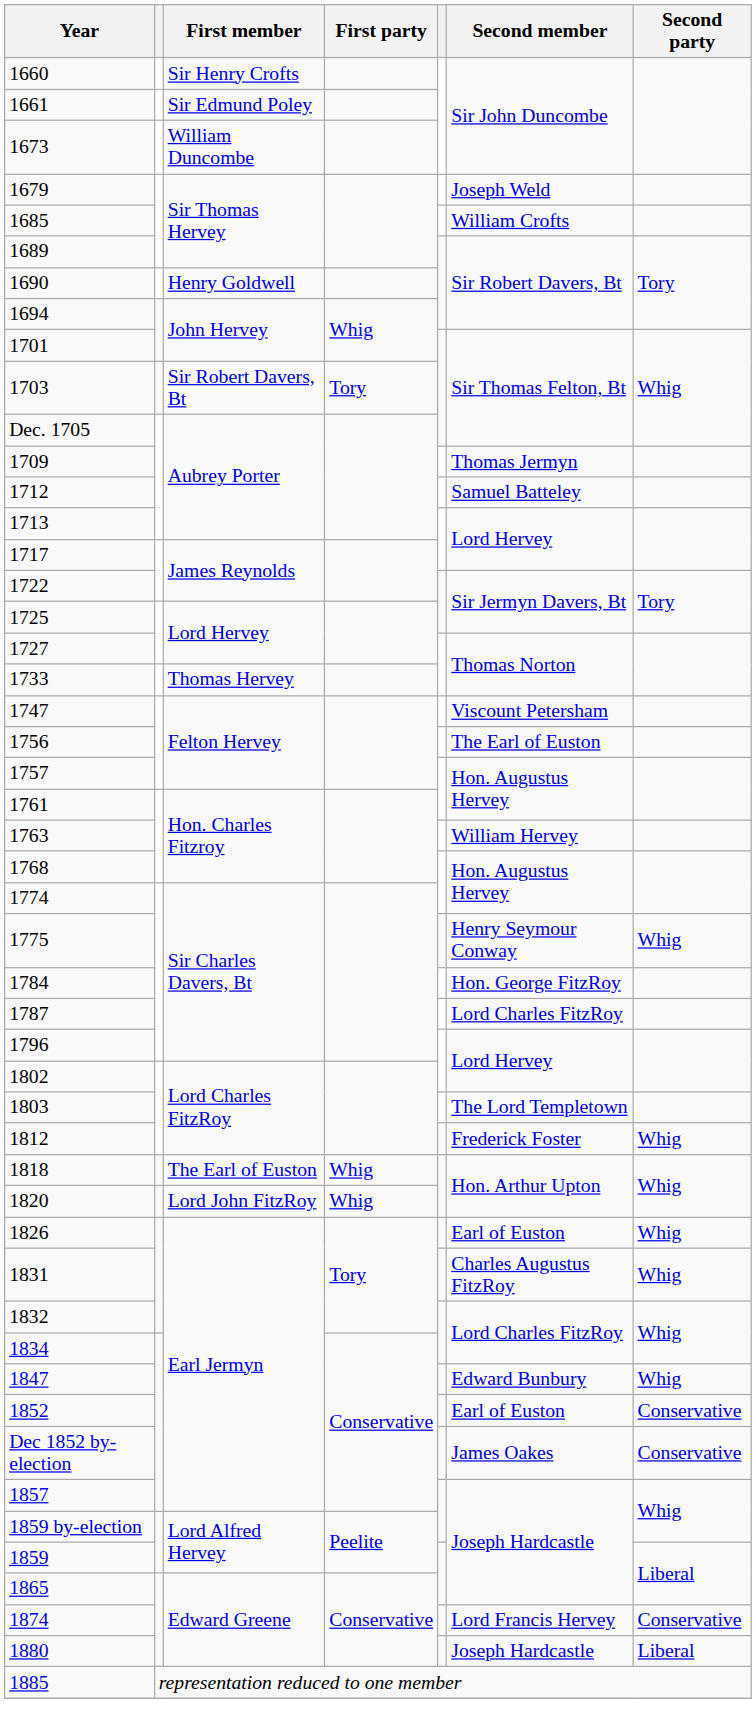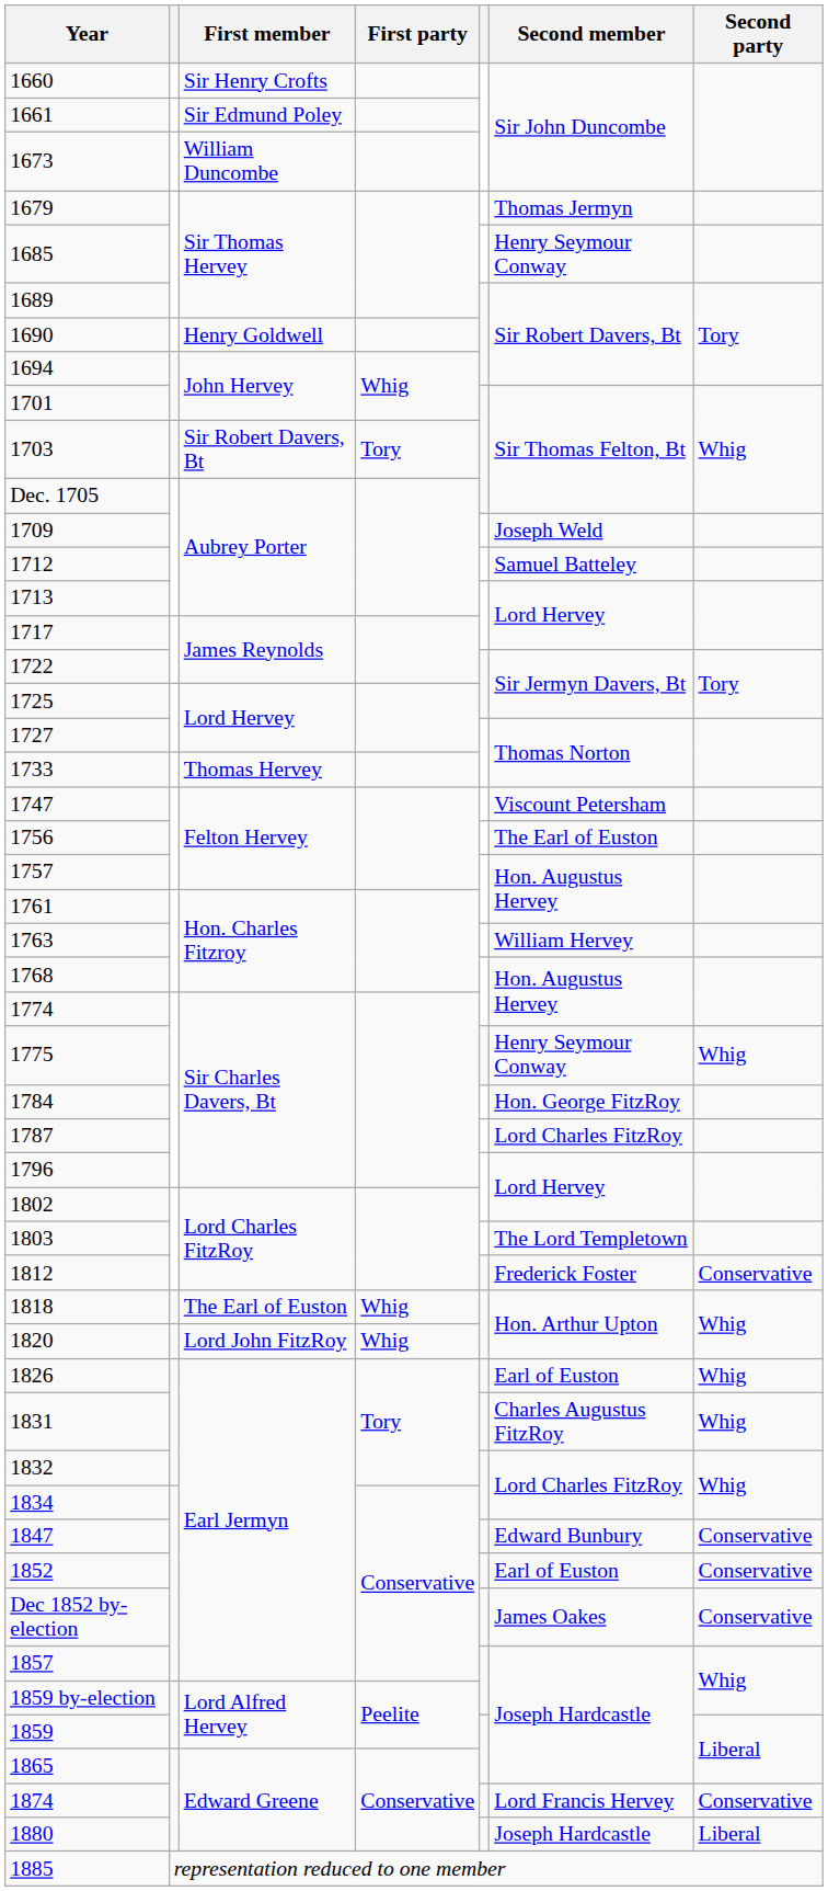 <table class="wikitable">
 <tr>
 <th>Year</th>
 <th></th>
 <th>First member</th>
 <th>First party</th>
 <th></th>
 <th>Second member</th>
 <th>Second party</th>
 </tr>
 <tr>
 <td>1660</td>
 <td style="color:inherit;background-color: white"></td>
 <td><a href='#'>Sir Henry Crofts</a></td>
 <td></td>
 <td rowspan="3" style="color:inherit;background-color: white"></td>
 <td rowspan="3"><a href='#'>Sir John Duncombe</a></td>
 <td rowspan="3"></td>
 </tr>
 <tr>
 <td>1661</td>
 <td style="color:inherit;background-color: white"></td>
 <td><a href='#'>Sir Edmund Poley</a></td>
 <td> </td>
 </tr>
 <tr>
 <td>1673</td>
 <td style="color:inherit;background-color: white"></td>
 <td><a href='#'>William Duncombe</a></td>
 <td> </td>
 </tr>
 <tr>
 <td>1679</td>
 <td rowspan="3" style="color:inherit;background-color: white"></td>
 <td rowspan="3"><a href='#'>Sir Thomas Hervey</a></td>
 <td rowspan="3"> </td>
 <td style="color:inherit;background-color: white"></td>
-<td><a href='#'>Joseph Weld</a></td>
+<td><a href='#'>Thomas Jermyn</a></td>
 <td></td>
 </tr>
 <tr>
 <td>1685</td>
 <td style="color:inherit;background-color: white"></td>
-<td><a href='#'>William Crofts</a></td>
+<td><a href='#'>Henry Seymour Conway</a></td>
 <td> </td>
 </tr>
 <tr>
 <td>1689</td>
 <td rowspan="3" style="color:inherit;background-color: "></td>
 <td rowspan="3"><a href='#'>Sir Robert Davers, Bt</a></td>
 <td rowspan="3"><a href='#'>Tory</a></td>
 </tr>
 <tr>
 <td>1690</td>
 <td style="color:inherit;background-color: white"></td>
 <td><a href='#'>Henry Goldwell</a></td>
 <td> </td>
 </tr>
 <tr>
 <td>1694</td>
 <td rowspan="2" style="color:inherit;background-color: "></td>
 <td rowspan="2"><a href='#'>John Hervey</a></td>
 <td rowspan="2"><a href='#'>Whig</a></td>
 </tr>
 <tr>
 <td>1701</td>
 <td rowspan="3" style="color:inherit;background-color: "></td>
 <td rowspan="3"><a href='#'>Sir Thomas Felton, Bt</a></td>
 <td rowspan="3"><a href='#'>Whig</a></td>
 </tr>
 <tr>
 <td>1703</td>
 <td style="color:inherit;background-color: "></td>
 <td><a href='#'>Sir Robert Davers, Bt</a></td>
 <td><a href='#'>Tory</a></td>
 </tr>
 <tr>
 <td>Dec. 1705</td>
 <td rowspan="4" style="color:inherit;background-color: white"></td>
 <td rowspan="4"><a href='#'>Aubrey Porter</a></td>
 <td rowspan="4"> </td>
 </tr>
 <tr>
 <td>1709</td>
 <td style="color:inherit;background-color: white"></td>
-<td><a href='#'>Thomas Jermyn</a></td>
+<td><a href='#'>Joseph Weld</a></td>
 <td> </td>
 </tr>
 <tr>
 <td>1712</td>
 <td style="color:inherit;background-color: white"></td>
 <td><a href='#'>Samuel Batteley</a></td>
 <td> </td>
 </tr>
 <tr>
 <td>1713</td>
 <td rowspan="2" style="color:inherit;background-color: white"></td>
 <td rowspan="2"><a href='#'>Lord Hervey</a></td>
 <td rowspan="2"> </td>
 </tr>
 <tr>
 <td>1717</td>
 <td rowspan="2" style="color:inherit;background-color: white"></td>
 <td rowspan="2"><a href='#'>James Reynolds</a></td>
 <td rowspan="2"> </td>
 </tr>
 <tr>
 <td>1722</td>
 <td rowspan="2" style="color:inherit;background-color: "></td>
 <td rowspan="2"><a href='#'>Sir Jermyn Davers, Bt</a></td>
 <td rowspan="2"><a href='#'>Tory</a></td>
 </tr>
 <tr>
 <td>1725</td>
 <td rowspan="2" style="color:inherit;background-color: white"></td>
 <td rowspan="2"><a href='#'>Lord Hervey</a></td>
 <td rowspan="2"> </td>
 </tr>
 <tr>
 <td>1727</td>
 <td rowspan="2" style="color:inherit;background-color: white"></td>
 <td rowspan="2"><a href='#'>Thomas Norton</a></td>
 <td rowspan="2"> </td>
 </tr>
 <tr>
 <td>1733</td>
 <td style="color:inherit;background-color: white"></td>
 <td><a href='#'>Thomas Hervey</a></td>
 <td> </td>
 </tr>
 <tr>
 <td>1747</td>
 <td rowspan="3" style="color:inherit;background-color: white"></td>
 <td rowspan="3"><a href='#'>Felton Hervey</a></td>
 <td rowspan="3"> </td>
 <td style="color:inherit;background-color: white"></td>
 <td><a href='#'>Viscount Petersham</a></td>
 <td></td>
 </tr>
 <tr>
 <td>1756</td>
 <td style="color:inherit;background-color: white"></td>
 <td><a href='#'>The Earl of Euston</a></td>
 <td></td>
 </tr>
 <tr>
 <td>1757</td>
 <td rowspan="2" style="color:inherit;background-color: white"></td>
 <td rowspan="2"><a href='#'>Hon. Augustus Hervey</a></td>
 <td rowspan="2"> </td>
 </tr>
 <tr>
 <td>1761</td>
 <td rowspan="3" style="color:inherit;background-color: white"></td>
 <td rowspan="3"><a href='#'>Hon. Charles Fitzroy</a></td>
 <td rowspan="3"> </td>
 </tr>
 <tr>
 <td>1763</td>
 <td style="color:inherit;background-color: white"></td>
 <td><a href='#'>William Hervey</a></td>
 <td> </td>
 </tr>
 <tr>
 <td>1768</td>
 <td rowspan="2" style="color:inherit;background-color: white"></td>
 <td rowspan="2"><a href='#'>Hon. Augustus Hervey</a></td>
 <td rowspan="2"></td>
 </tr>
 <tr>
 <td>1774</td>
 <td rowspan="5" style="color:inherit;background-color: white"></td>
 <td rowspan="5"><a href='#'>Sir Charles Davers, Bt</a></td>
 <td rowspan="5"> </td>
 </tr>
 <tr>
 <td>1775</td>
 <td style="color:inherit;background-color: "></td>
 <td><a href='#'>Henry Seymour Conway</a></td>
 <td><a href='#'>Whig</a> </td>
 </tr>
 <tr>
 <td>1784</td>
 <td style="color:inherit;background-color: white"></td>
 <td><a href='#'>Hon. George FitzRoy</a></td>
 <td> </td>
 </tr>
 <tr>
 <td>1787</td>
 <td style="color:inherit;background-color: white"></td>
 <td><a href='#'>Lord Charles FitzRoy</a></td>
 <td> </td>
 </tr>
 <tr>
 <td>1796</td>
 <td rowspan="2" style="color:inherit;background-color: white"></td>
 <td rowspan="2"><a href='#'>Lord Hervey</a></td>
 <td rowspan="2"></td>
 </tr>
 <tr>
 <td>1802</td>
 <td rowspan="3" style="color:inherit;background-color: white"></td>
 <td rowspan="3"><a href='#'>Lord Charles FitzRoy</a> </td>
 <td rowspan="3"></td>
 </tr>
 <tr>
 <td>1803</td>
 <td style="color:inherit;background-color: white"></td>
 <td><a href='#'>The Lord Templetown</a>  </td>
 <td></td>
 </tr>
 <tr>
 <td>1812</td>
 <td style="color:inherit;background-color: "></td>
 <td><a href='#'>Frederick Foster</a></td>
-<td><a href='#'>Whig</a>  </td>
+<td><a href='#'>Conservative</a></td>
 </tr>
 <tr>
 <td>1818</td>
 <td style="color:inherit;background-color: "></td>
 <td><a href='#'>The Earl of Euston</a></td>
 <td><a href='#'>Whig</a></td>
 <td rowspan="2" style="color:inherit;background-color: "></td>
 <td rowspan="2"><a href='#'>Hon. Arthur Upton</a></td>
 <td rowspan="2"><a href='#'>Whig</a></td>
 </tr>
 <tr>
 <td>1820</td>
 <td style="color:inherit;background-color: "></td>
 <td><a href='#'>Lord John FitzRoy</a></td>
 <td><a href='#'>Whig</a></td>
 </tr>
 <tr>
 <td>1826</td>
 <td rowspan="3" style="color:inherit;background-color: "></td>
 <td rowspan="8"><a href='#'>Earl Jermyn</a></td>
 <td rowspan="3"><a href='#'>Tory</a></td>
 <td style="color:inherit;background-color: "></td>
 <td><a href='#'>Earl of Euston</a> </td>
 <td><a href='#'>Whig</a></td>
 </tr>
 <tr>
 <td>1831</td>
 <td style="color:inherit;background-color: "></td>
 <td><a href='#'>Charles Augustus FitzRoy</a></td>
 <td><a href='#'>Whig</a></td>
 </tr>
 <tr>
 <td>1832</td>
 <td rowspan="2" style="color:inherit;background-color: "></td>
 <td rowspan="2"><a href='#'>Lord Charles FitzRoy</a></td>
 <td rowspan="2"><a href='#'>Whig</a></td>
 </tr>
 <tr>
 <td><a href='#'>1834</a></td>
 <td rowspan="5" style="color:inherit;background-color: "></td>
 <td rowspan="5"><a href='#'>Conservative</a></td>
 </tr>
 <tr>
 <td><a href='#'>1847</a></td>
 <td style="color:inherit;background-color: "></td>
 <td><a href='#'>Edward Bunbury</a>  </td>
-<td><a href='#'>Whig</a></td>
+<td><a href='#'>Conservative</a></td>
 </tr>
 <tr>
 <td><a href='#'>1852</a></td>
 <td style="color:inherit;background-color: "></td>
 <td><a href='#'>Earl of Euston</a> </td>
 <td><a href='#'>Conservative</a></td>
 </tr>
 <tr>
 <td><a href='#'>Dec 1852 by-election</a></td>
 <td style="color:inherit;background-color: "></td>
 <td><a href='#'>James Oakes</a></td>
 <td><a href='#'>Conservative</a></td>
 </tr>
 <tr>
 <td><a href='#'>1857</a></td>
 <td rowspan="2" style="color:inherit;background-color: "></td>
 <td rowspan="4"><a href='#'>Joseph Hardcastle</a> </td>
 <td rowspan="2"><a href='#'>Whig</a></td>
 </tr>
 <tr>
 <td><a href='#'>1859 by-election</a></td>
 <td rowspan="2" style="color:inherit;background-color: "></td>
 <td rowspan="2"><a href='#'>Lord Alfred Hervey</a> </td>
 <td rowspan="2"><a href='#'>Peelite</a></td>
 </tr>
 <tr>
 <td><a href='#'>1859</a></td>
 <td rowspan="2" style="color:inherit;background-color: "></td>
 <td rowspan="2"><a href='#'>Liberal</a></td>
 </tr>
 <tr>
 <td><a href='#'>1865</a></td>
 <td rowspan="3" style="color:inherit;background-color: "></td>
 <td rowspan="3"><a href='#'>Edward Greene</a>   </td>
 <td rowspan="3"><a href='#'>Conservative</a></td>
 </tr>
 <tr>
 <td><a href='#'>1874</a></td>
 <td style="color:inherit;background-color: "></td>
 <td><a href='#'>Lord Francis Hervey</a> </td>
 <td><a href='#'>Conservative</a></td>
 </tr>
 <tr>
 <td><a href='#'>1880</a></td>
 <td style="color:inherit;background-color: "></td>
 <td><a href='#'>Joseph Hardcastle</a> </td>
 <td><a href='#'>Liberal</a></td>
 </tr>
 <tr>
 <td><a href='#'>1885</a></td>
 <td colspan="6"><em>representation reduced to one member</em></td>
 </tr>
 <tr>
 </tr>
 </table>
